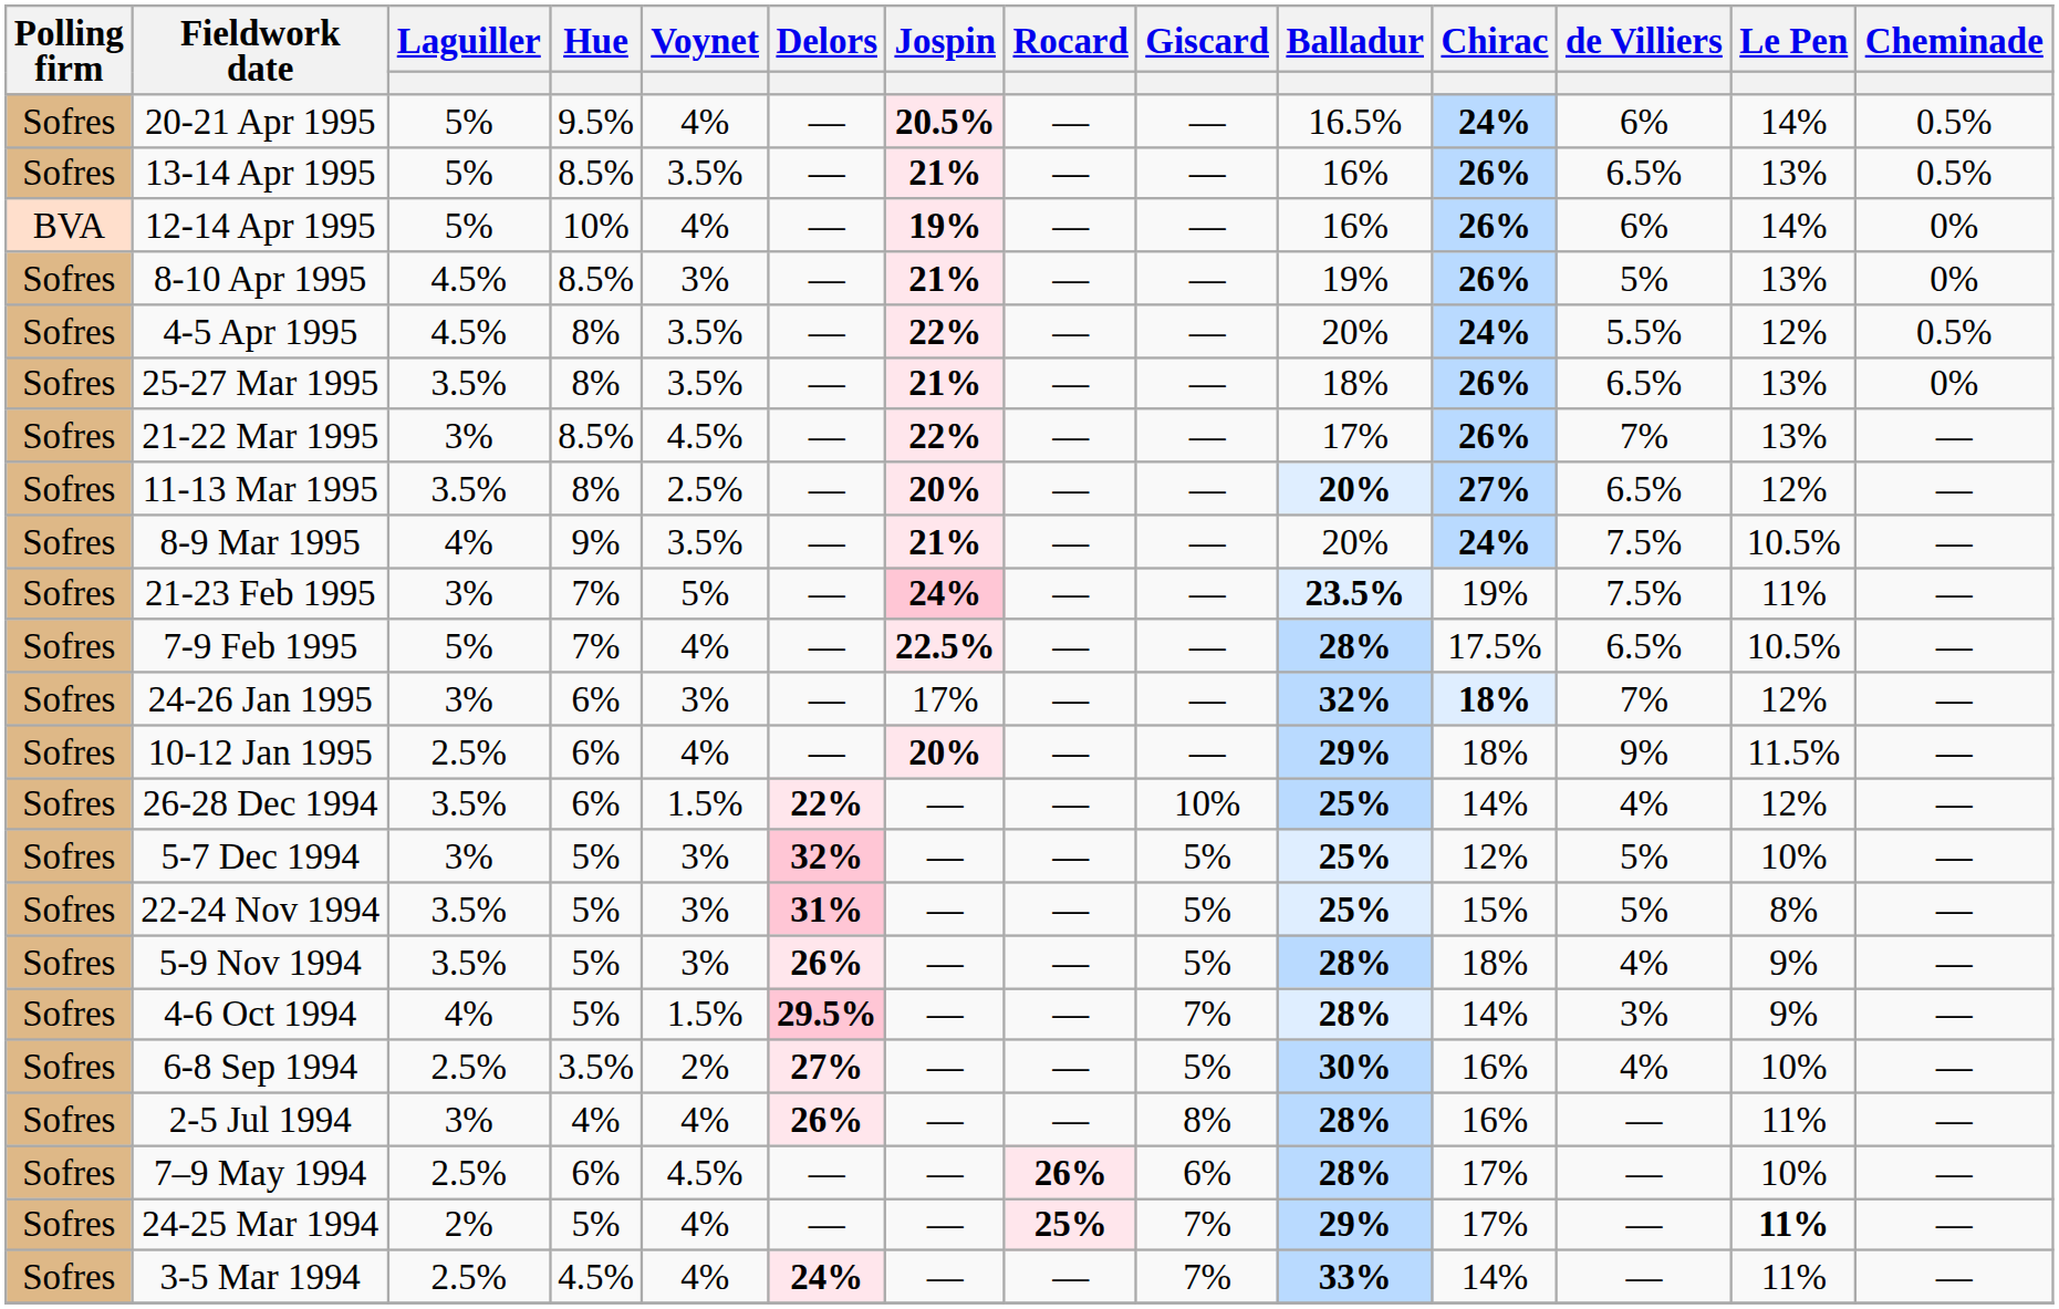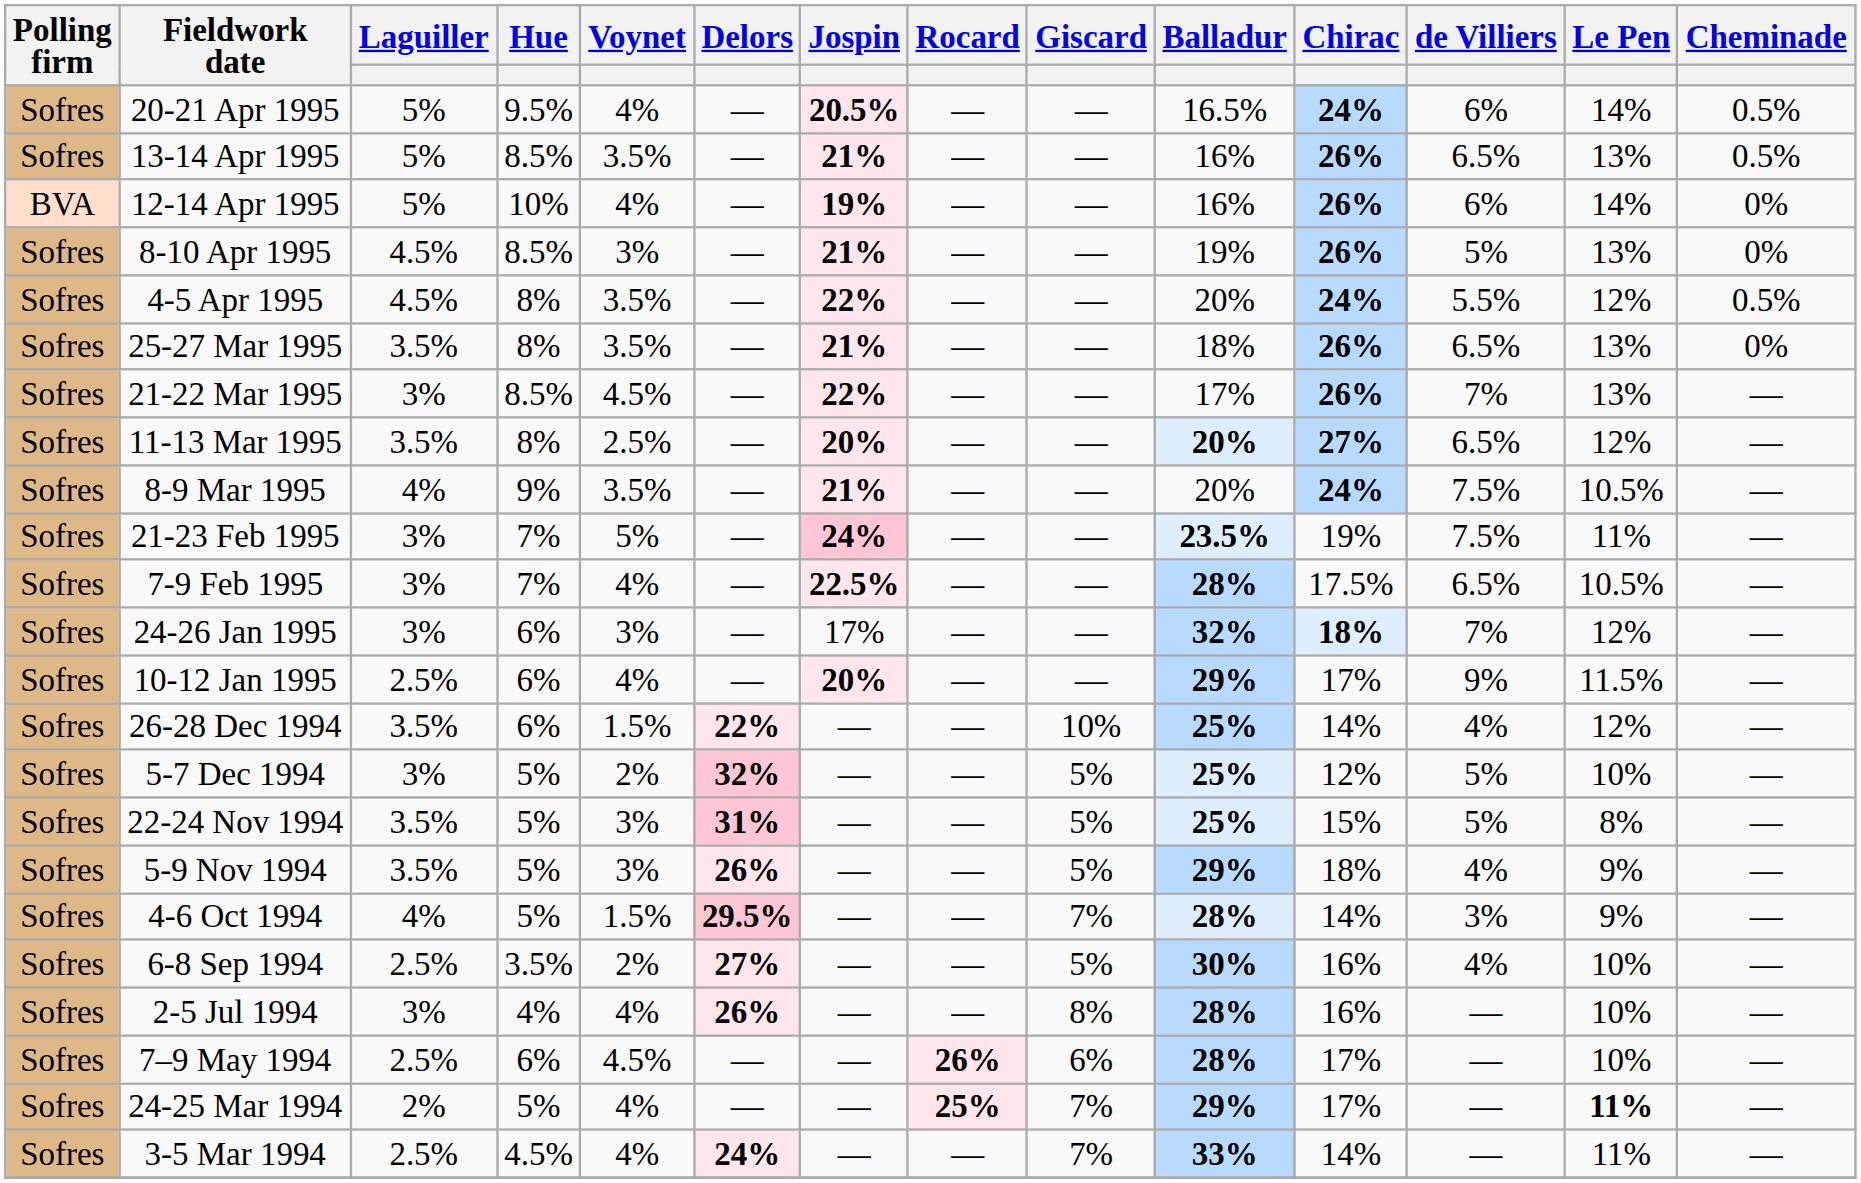 <table class="wikitable sortable" style="text-align:center;font-size:90%;line-height:14px;">
 <tr>
 <th rowspan="2">Polling<br>firm</th>
 <th rowspan="2">Fieldwork<br>date</th>
 <th class="unsortable"><a href='#'>Laguiller</a><br></th>
 <th class="unsortable"><a href='#'>Hue</a><br></th>
 <th class="unsortable"><a href='#'>Voynet</a><br></th>
 <th class="unsortable"><a href='#'>Delors</a><br></th>
 <th class="unsortable"><a href='#'>Jospin</a><br></th>
 <th class="unsortable"><a href='#'>Rocard</a><br></th>
 <th class="unsortable"><a href='#'>Giscard</a><br></th>
 <th class="unsortable"><a href='#'>Balladur</a><br></th>
 <th class="unsortable"><a href='#'>Chirac</a><br></th>
 <th class="unsortable"><a href='#'>de Villiers</a><br></th>
 <th class="unsortable"><a href='#'>Le Pen</a><br></th>
 <th class="unsortable"><a href='#'>Cheminade</a><br></th>
 </tr>
 <tr>
 <th style="background:"></th>
 <th style="background:"></th>
 <th style="background:"></th>
 <th style="background:"></th>
 <th style="background:"></th>
 <th style="background:"></th>
 <th style="background:"></th>
 <th style="background:"></th>
 <th style="background:"></th>
 <th style="background:"></th>
 <th style="background:"></th>
 <th style="background:"></th>
 </tr>
 <tr>
 <td style="background:burlywood;">Sofres</td>
 <td>20-21 Apr 1995</td>
 <td>5%</td>
 <td>9.5%</td>
 <td>4%</td>
 <td>—</td>
 <td style="background:#FFE6EC;"><strong>20.5%</strong></td>
 <td>—</td>
 <td>—</td>
 <td>16.5%</td>
 <td style="background:#B9DAFF;"><strong>24%</strong></td>
 <td>6%</td>
 <td>14%</td>
 <td>0.5%</td>
 </tr>
 <tr>
 <td style="background:burlywood;">Sofres</td>
 <td>13-14 Apr 1995</td>
 <td>5%</td>
 <td>8.5%</td>
 <td>3.5%</td>
 <td>—</td>
 <td style="background:#FFE6EC;"><strong>21%</strong></td>
 <td>—</td>
 <td>—</td>
 <td>16%</td>
 <td style="background:#B9DAFF;"><strong>26%</strong></td>
 <td>6.5%</td>
 <td>13%</td>
 <td>0.5%</td>
 </tr>
 <tr>
 <td style="background:#FFDFCC;">BVA</td>
 <td>12-14 Apr 1995</td>
 <td>5%</td>
 <td>10%</td>
 <td>4%</td>
 <td>—</td>
 <td style="background:#FFE6EC;"><strong>19%</strong></td>
 <td>—</td>
 <td>—</td>
 <td>16%</td>
 <td style="background:#B9DAFF;"><strong>26%</strong></td>
 <td>6%</td>
 <td>14%</td>
 <td>0%</td>
 </tr>
 <tr>
 <td style="background:burlywood;">Sofres</td>
 <td>8-10 Apr 1995</td>
 <td>4.5%</td>
 <td>8.5%</td>
 <td>3%</td>
 <td>—</td>
 <td style="background:#FFE6EC;"><strong>21%</strong></td>
 <td>—</td>
 <td>—</td>
 <td>19%</td>
 <td style="background:#B9DAFF;"><strong>26%</strong></td>
 <td>5%</td>
 <td>13%</td>
 <td>0%</td>
 </tr>
 <tr>
 <td style="background:burlywood;">Sofres</td>
 <td>4-5 Apr 1995</td>
 <td>4.5%</td>
 <td>8%</td>
 <td>3.5%</td>
 <td>—</td>
 <td style="background:#FFE6EC;"><strong>22%</strong></td>
 <td>—</td>
 <td>—</td>
 <td>20%</td>
 <td style="background:#B9DAFF;"><strong>24%</strong></td>
 <td>5.5%</td>
 <td>12%</td>
 <td>0.5%</td>
 </tr>
 <tr>
 <td style="background:burlywood;">Sofres</td>
 <td>25-27 Mar 1995</td>
 <td>3.5%</td>
 <td>8%</td>
 <td>3.5%</td>
 <td>—</td>
 <td style="background:#FFE6EC;"><strong>21%</strong></td>
 <td>—</td>
 <td>—</td>
 <td>18%</td>
 <td style="background:#B9DAFF;"><strong>26%</strong></td>
 <td>6.5%</td>
 <td>13%</td>
 <td>0%</td>
 </tr>
 <tr>
 <td style="background:burlywood;">Sofres</td>
 <td>21-22 Mar 1995</td>
 <td>3%</td>
 <td>8.5%</td>
 <td>4.5%</td>
 <td>—</td>
 <td style="background:#FFE6EC;"><strong>22%</strong></td>
 <td>—</td>
 <td>—</td>
 <td>17%</td>
 <td style="background:#B9DAFF;"><strong>26%</strong></td>
 <td>7%</td>
 <td>13%</td>
 <td>—</td>
 </tr>
 <tr>
 <td style="background:burlywood;">Sofres</td>
 <td>11-13 Mar 1995</td>
 <td>3.5%</td>
 <td>8%</td>
 <td>2.5%</td>
 <td>—</td>
 <td style="background:#FFE6EC;"><strong>20%</strong></td>
 <td>—</td>
 <td>—</td>
 <td style="background:#DFEEFF;"><strong>20%</strong></td>
 <td style="background:#B9DAFF;"><strong>27%</strong></td>
 <td>6.5%</td>
 <td>12%</td>
 <td>—</td>
 </tr>
 <tr>
 <td style="background:burlywood;">Sofres</td>
 <td>8-9 Mar 1995</td>
 <td>4%</td>
 <td>9%</td>
 <td>3.5%</td>
 <td>—</td>
 <td style="background:#FFE6EC;"><strong>21%</strong></td>
 <td>—</td>
 <td>—</td>
 <td>20%</td>
 <td style="background:#B9DAFF;"><strong>24%</strong></td>
 <td>7.5%</td>
 <td>10.5%</td>
 <td>—</td>
 </tr>
 <tr>
 <td style="background:burlywood;">Sofres</td>
 <td>21-23 Feb 1995</td>
 <td>3%</td>
 <td>7%</td>
 <td>5%</td>
 <td>—</td>
 <td style="background:#FFC6D5;"><strong>24%</strong></td>
 <td>—</td>
 <td>—</td>
 <td style="background:#DFEEFF;"><strong>23.5%</strong></td>
 <td>19%</td>
 <td>7.5%</td>
 <td>11%</td>
 <td>—</td>
 </tr>
 <tr>
 <td style="background:burlywood;">Sofres</td>
 <td>7-9 Feb 1995</td>
-<td>5%</td>
+<td>3%</td>
 <td>7%</td>
 <td>4%</td>
 <td>—</td>
 <td style="background:#FFE6EC;"><strong>22.5%</strong></td>
 <td>—</td>
 <td>—</td>
 <td style="background:#B9DAFF;"><strong>28%</strong></td>
 <td>17.5%</td>
 <td>6.5%</td>
 <td>10.5%</td>
 <td>—</td>
 </tr>
 <tr>
 <td style="background:burlywood;">Sofres</td>
 <td>24-26 Jan 1995</td>
 <td>3%</td>
 <td>6%</td>
 <td>3%</td>
 <td>—</td>
 <td>17%</td>
 <td>—</td>
 <td>—</td>
 <td style="background:#B9DAFF;"><strong>32%</strong></td>
 <td style="background:#DFEEFF;"><strong>18%</strong></td>
 <td>7%</td>
 <td>12%</td>
 <td>—</td>
 </tr>
 <tr>
 <td style="background:burlywood;">Sofres</td>
 <td>10-12 Jan 1995</td>
 <td>2.5%</td>
 <td>6%</td>
 <td>4%</td>
 <td>—</td>
 <td style="background:#FFE6EC;"><strong>20%</strong></td>
 <td>—</td>
 <td>—</td>
 <td style="background:#B9DAFF;"><strong>29%</strong></td>
-<td>18%</td>
+<td>17%</td>
 <td>9%</td>
 <td>11.5%</td>
 <td>—</td>
 </tr>
 <tr>
 <td style="background:burlywood;">Sofres</td>
 <td>26-28 Dec 1994</td>
 <td>3.5%</td>
 <td>6%</td>
 <td>1.5%</td>
 <td style="background:#FFE6EC;"><strong>22%</strong></td>
 <td>—</td>
 <td>—</td>
 <td>10%</td>
 <td style="background:#B9DAFF;"><strong>25%</strong></td>
 <td>14%</td>
 <td>4%</td>
 <td>12%</td>
 <td>—</td>
 </tr>
 <tr>
 <td style="background:burlywood;">Sofres</td>
 <td>5-7 Dec 1994</td>
 <td>3%</td>
 <td>5%</td>
-<td>3%</td>
+<td>2%</td>
 <td style="background:#FFC6D5;"><strong>32%</strong></td>
 <td>—</td>
 <td>—</td>
 <td>5%</td>
 <td style="background:#DFEEFF;"><strong>25%</strong></td>
 <td>12%</td>
 <td>5%</td>
 <td>10%</td>
 <td>—</td>
 </tr>
 <tr>
 <td style="background:burlywood;">Sofres</td>
 <td>22-24 Nov 1994</td>
 <td>3.5%</td>
 <td>5%</td>
 <td>3%</td>
 <td style="background:#FFC6D5;"><strong>31%</strong></td>
 <td>—</td>
 <td>—</td>
 <td>5%</td>
 <td style="background:#DFEEFF;"><strong>25%</strong></td>
 <td>15%</td>
 <td>5%</td>
 <td>8%</td>
 <td>—</td>
 </tr>
 <tr>
 <td style="background:burlywood;">Sofres</td>
 <td>5-9 Nov 1994</td>
 <td>3.5%</td>
 <td>5%</td>
 <td>3%</td>
 <td style="background:#FFE6EC;"><strong>26%</strong></td>
 <td>—</td>
 <td>—</td>
 <td>5%</td>
-<td style="background:#B9DAFF;"><strong>28%</strong></td>
+<td style="background:#B9DAFF;"><strong>29%</strong></td>
 <td>18%</td>
 <td>4%</td>
 <td>9%</td>
 <td>—</td>
 </tr>
 <tr>
 <td style="background:burlywood;">Sofres</td>
 <td>4-6 Oct 1994</td>
 <td>4%</td>
 <td>5%</td>
 <td>1.5%</td>
 <td style="background:#FFC6D5;"><strong>29.5%</strong></td>
 <td>—</td>
 <td>—</td>
 <td>7%</td>
 <td style="background:#DFEEFF;"><strong>28%</strong></td>
 <td>14%</td>
 <td>3%</td>
 <td>9%</td>
 <td>—</td>
 </tr>
 <tr>
 <td style="background:burlywood;">Sofres</td>
 <td>6-8 Sep 1994</td>
 <td>2.5%</td>
 <td>3.5%</td>
 <td>2%</td>
 <td style="background:#FFE6EC;"><strong>27%</strong></td>
 <td>—</td>
 <td>—</td>
 <td>5%</td>
 <td style="background:#B9DAFF;"><strong>30%</strong></td>
 <td>16%</td>
 <td>4%</td>
 <td>10%</td>
 <td>—</td>
 </tr>
 <tr>
 <td style="background:burlywood;">Sofres</td>
 <td>2-5 Jul 1994</td>
 <td>3%</td>
 <td>4%</td>
 <td>4%</td>
 <td style="background:#FFE6EC;"><strong>26%</strong></td>
 <td>—</td>
 <td>—</td>
 <td>8%</td>
 <td style="background:#B9DAFF;"><strong>28%</strong></td>
 <td>16%</td>
 <td>—</td>
-<td>11%</td>
+<td>10%</td>
 <td>—</td>
 </tr>
 <tr>
 <td style="background:burlywood;">Sofres</td>
 <td>7–9 May 1994</td>
 <td>2.5%</td>
 <td>6%</td>
 <td>4.5%</td>
 <td>—</td>
 <td>—</td>
 <td style="background:#FFE6EC;"><strong>26%</strong></td>
 <td>6%</td>
 <td style="background:#B9DAFF;"><strong>28%</strong></td>
 <td>17%</td>
 <td>—</td>
 <td>10%</td>
 <td>—</td>
 </tr>
 <tr>
 <td style="background:burlywood;">Sofres</td>
 <td>24-25 Mar 1994</td>
 <td>2%</td>
 <td>5%</td>
 <td>4%</td>
 <td>—</td>
 <td>—</td>
 <td style="background:#FFE6EC;"><strong>25%</strong></td>
 <td>7%</td>
 <td style="background:#B9DAFF;"><strong>29%</strong></td>
 <td>17%</td>
 <td>—</td>
 <td><strong>11%</strong></td>
 <td>—</td>
 </tr>
 <tr>
 <td style="background:burlywood;">Sofres</td>
 <td>3-5 Mar 1994</td>
 <td>2.5%</td>
 <td>4.5%</td>
 <td>4%</td>
 <td style="background:#FFE6EC;"><strong>24%</strong></td>
 <td>—</td>
 <td>—</td>
 <td>7%</td>
 <td style="background:#B9DAFF;"><strong>33%</strong></td>
 <td>14%</td>
 <td>—</td>
 <td>11%</td>
 <td>—</td>
 </tr>
 <tr>
 </tr>
 </table>
